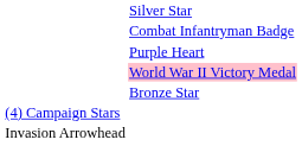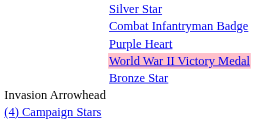 <table>
 <tr>
 <td></td>
 <td><a href='#'>Silver Star</a></td>
 </tr>
 <tr>
 <td></td>
 <td><a href='#'>Combat Infantryman Badge</a></td>
 </tr>
 <tr>
 <td></td>
 <td><a href='#'>Purple Heart</a></td>
 </tr>
 <tr>
 <td></td>
 <td style="background: pink;"><a href='#'>World War II Victory Medal</a></td>
 </tr>
 <tr>
 <td></td>
 <td><a href='#'>Bronze Star</a></td>
 </tr>
 <tr>
+<td>Invasion Arrowhead</td>
+</tr>
+<tr>
 <td><a href='#'>(4) Campaign Stars</a></td>
 </tr>
-<tr>
-<td>Invasion Arrowhead</td>
-</tr>
 </table>
